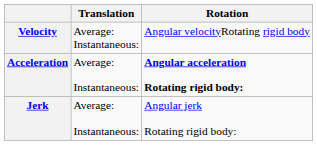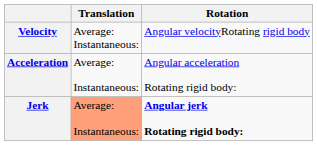 <table class="wikitable">
 <tr>
 <th></th>
 <th>Translation</th>
 <th>Rotation</th>
 </tr>
 <tr valign="top">
 <th><a href='#'>Velocity</a></th>
 <td>Average:<br> Instantaneous:<br></td>
 <td><a href='#'>Angular velocity</a>Rotating <a href='#'>rigid body</a></td>
 </tr>
 <tr valign="top">
 <th><a href='#'>Acceleration</a></th>
 <td>Average:<br><br>Instantaneous:<br></td>
-<td><strong><a href='#'>Angular acceleration</a><br><br>Rotating rigid body:<br></strong></td>
+<td><a href='#'>Angular acceleration</a><br><br>Rotating rigid body:<br></td>
 </tr>
 <tr valign="top">
 <th><a href='#'>Jerk</a></th>
-<td>Average:<br><br>Instantaneous:<br></td>
-<td><a href='#'>Angular jerk</a><br><br>Rotating rigid body:<br></td>
+<td style="background: lightsalmon;">Average:<br><br>Instantaneous:<br></td>
+<td><strong><a href='#'>Angular jerk</a><br><br>Rotating rigid body:<br></strong></td>
 </tr>
 </table>
